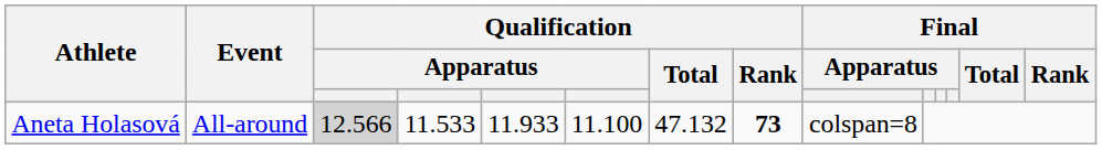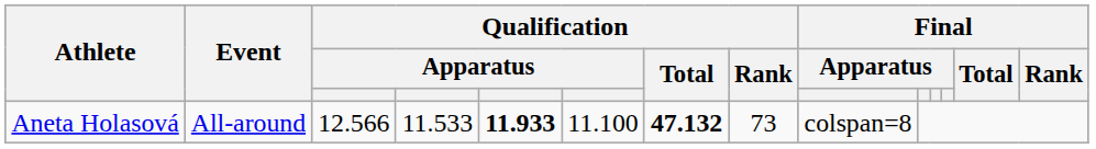 <table class="wikitable" style="font-size:90%">
 <tr>
 <th rowspan=3>Athlete</th>
 <th rowspan=3>Event</th>
 <th colspan=6>Qualification</th>
 <th colspan=6>Final</th>
 </tr>
 <tr style="font-size:95%">
 <th colspan=4>Apparatus</th>
 <th rowspan=2>Total</th>
 <th rowspan=2>Rank</th>
 <th colspan=4>Apparatus</th>
 <th rowspan=2>Total</th>
 <th rowspan=2>Rank</th>
 </tr>
 <tr style="font-size:95%">
 <th></th>
 <th></th>
 <th></th>
 <th></th>
 <th></th>
 <th></th>
 <th></th>
 <th></th>
 </tr>
 <tr align=center>
 <td align=left><a href='#'>Aneta Holasová</a></td>
 <td align=left><a href='#'>All-around</a></td>
-<td style="background: lightgrey;">12.566</td>
+<td>12.566</td>
 <td>11.533</td>
-<td>11.933</td>
+<td><strong>11.933</strong></td>
 <td>11.100</td>
-<td>47.132</td>
-<td><strong>73</strong></td>
+<td><strong>47.132</strong></td>
+<td>73</td>
 <td>colspan=8 </td>
 </tr>
 </table>
